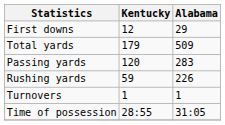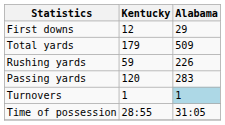 <table class="wikitable" style="float: left;">
 <tr>
 <th>Statistics</th>
 <th>Kentucky</th>
 <th>Alabama</th>
 </tr>
 <tr>
 <td>First downs</td>
 <td>12</td>
 <td>29</td>
 </tr>
 <tr>
 <td>Total yards</td>
 <td>179</td>
 <td>509</td>
 </tr>
 <tr>
+<td>Rushing yards</td>
+<td>59</td>
+<td>226</td>
+</tr>
+<tr>
 <td>Passing yards</td>
 <td>120</td>
 <td>283</td>
 </tr>
 <tr>
-<td>Rushing yards</td>
-<td>59</td>
-<td>226</td>
-</tr>
-<tr>
 <td>Turnovers</td>
 <td>1</td>
-<td>1</td>
+<td style="background: lightblue;">1</td>
 </tr>
 <tr>
 <td>Time of possession</td>
 <td>28:55</td>
 <td>31:05</td>
 </tr>
 <tr>
 </tr>
 </table>
